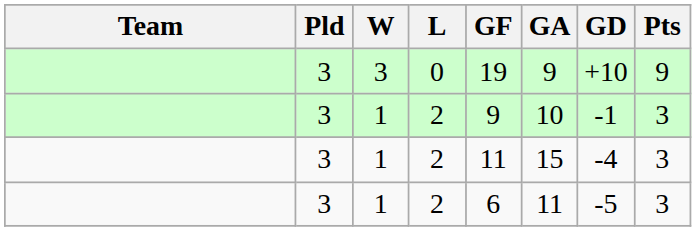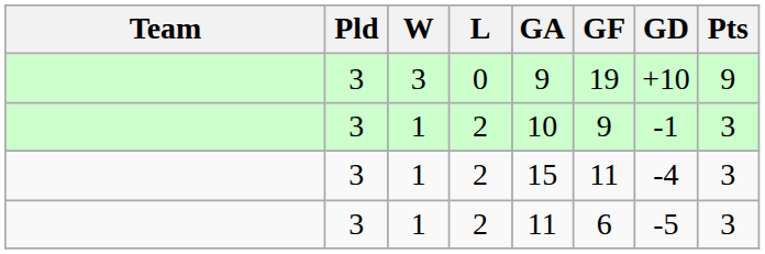 <table class="wikitable" style="text-align:center;">
 <tr>
 <th width=160>Team</th>
 <th width=25>Pld</th>
 <th width=25>W</th>
 <th width=25>L</th>
+<th width=25>GA</th>
 <th width=25>GF</th>
-<th width=25>GA</th>
 <th width=25>GD</th>
 <th width=25>Pts</th>
 </tr>
 <tr style="background:#ccffcc;">
 <td align=left></td>
 <td>3</td>
 <td>3</td>
 <td>0</td>
+<td>9</td>
 <td>19</td>
-<td>9</td>
 <td>+10</td>
 <td>9</td>
 </tr>
 <tr style="background:#ccffcc;">
 <td align=left></td>
 <td>3</td>
 <td>1</td>
 <td>2</td>
+<td>10</td>
 <td>9</td>
-<td>10</td>
 <td>-1</td>
 <td>3</td>
 </tr>
 <tr>
 <td align=left></td>
 <td>3</td>
 <td>1</td>
 <td>2</td>
+<td>15</td>
 <td>11</td>
-<td>15</td>
 <td>-4</td>
 <td>3</td>
 </tr>
 <tr>
 <td align=left></td>
 <td>3</td>
 <td>1</td>
 <td>2</td>
+<td>11</td>
 <td>6</td>
-<td>11</td>
 <td>-5</td>
 <td>3</td>
 </tr>
 </table>
